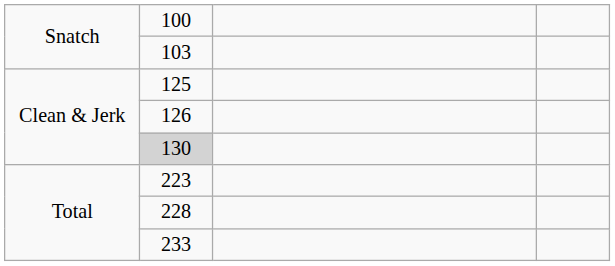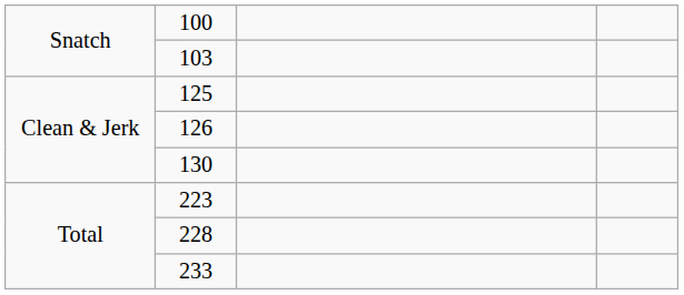 <table class = "wikitable" style="text-align:center;">
 <tr>
 <td rowspan=2 width=100>Snatch</td>
 <td width=50>100</td>
 <td width=250 align=left></td>
 <td width=50></td>
 </tr>
 <tr>
 <td>103</td>
 <td align=left></td>
 <td></td>
 </tr>
 <tr>
 <td rowspan=3>Clean & Jerk</td>
 <td>125</td>
 <td align=left></td>
 <td></td>
 </tr>
 <tr>
 <td>126</td>
 <td align=left></td>
 <td></td>
 </tr>
 <tr>
-<td style="background: lightgrey;">130</td>
+<td>130</td>
 <td align=left></td>
 <td></td>
 </tr>
 <tr>
 <td rowspan=3>Total</td>
 <td>223</td>
 <td align=left></td>
 <td></td>
 </tr>
 <tr>
 <td>228</td>
 <td align=left></td>
 <td></td>
 </tr>
 <tr>
 <td>233</td>
 <td align=left></td>
 <td></td>
 </tr>
 </table>
